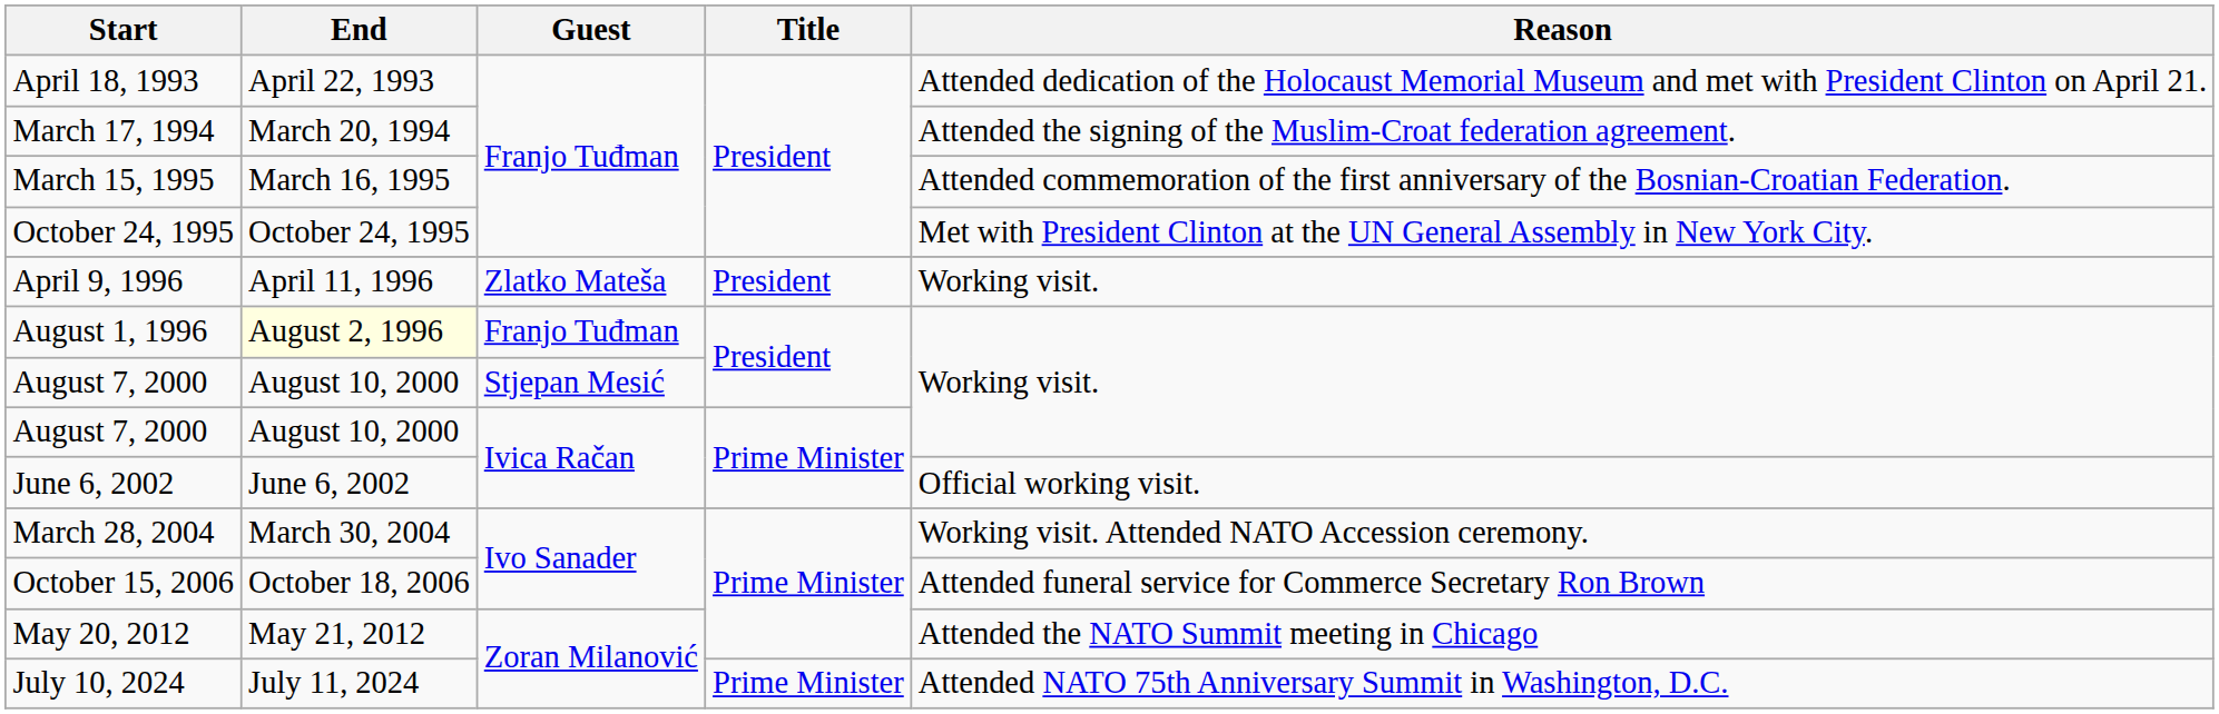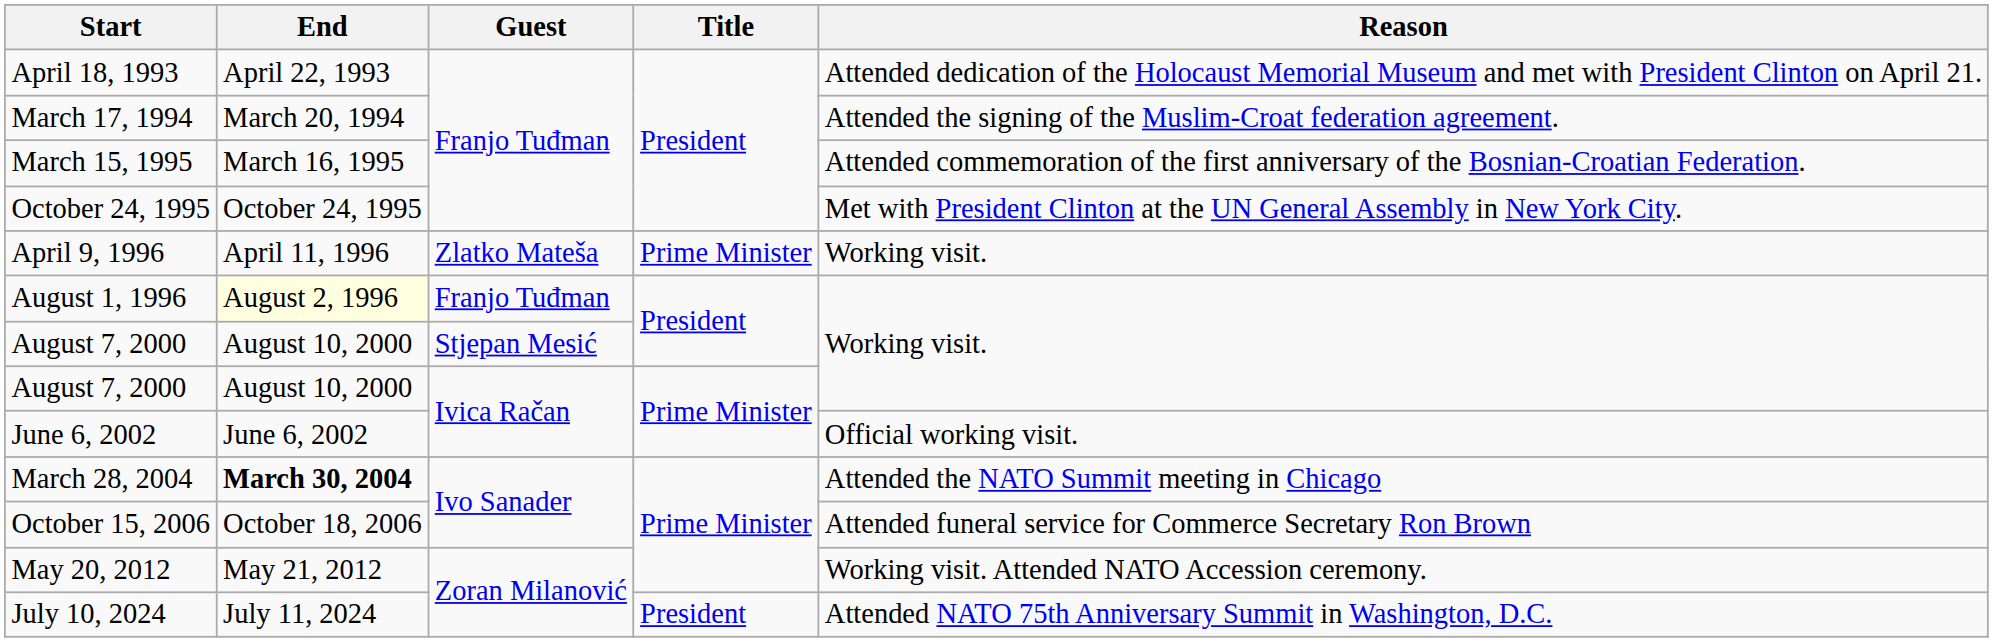 <table class="wikitable sortable">
 <tr>
 <th>Start</th>
 <th>End</th>
 <th>Guest</th>
 <th>Title</th>
 <th>Reason</th>
 </tr>
 <tr>
 <td>April 18, 1993</td>
 <td>April 22, 1993</td>
 <td rowspan=4><a href='#'>Franjo Tuđman</a></td>
 <td rowspan=4><a href='#'>President</a></td>
 <td>Attended dedication of the <a href='#'>Holocaust Memorial Museum</a> and met with <a href='#'>President Clinton</a> on April 21.</td>
 </tr>
 <tr>
 <td>March 17, 1994</td>
 <td>March 20, 1994</td>
 <td>Attended the signing of the <a href='#'>Muslim-Croat federation agreement</a>.</td>
 </tr>
 <tr>
 <td>March 15, 1995</td>
 <td>March 16, 1995</td>
 <td>Attended commemoration of the first anniversary of the <a href='#'>Bosnian-Croatian Federation</a>.</td>
 </tr>
 <tr>
 <td>October 24, 1995</td>
 <td>October 24, 1995</td>
 <td>Met with <a href='#'>President Clinton</a> at the <a href='#'>UN General Assembly</a> in <a href='#'>New York City</a>.</td>
 </tr>
 <tr>
 <td>April 9, 1996</td>
 <td>April 11, 1996</td>
 <td><a href='#'>Zlatko Mateša</a></td>
-<td><a href='#'>President</a></td>
+<td><a href='#'>Prime Minister</a></td>
 <td>Working visit.</td>
 </tr>
 <tr>
 <td>August 1, 1996</td>
 <td style="background: lightyellow;">August 2, 1996</td>
 <td><a href='#'>Franjo Tuđman</a></td>
 <td rowspan=2><a href='#'>President</a></td>
 <td rowspan=3>Working visit.</td>
 </tr>
 <tr>
 <td>August 7, 2000</td>
 <td>August 10, 2000</td>
 <td><a href='#'>Stjepan Mesić</a></td>
 </tr>
 <tr>
 <td>August 7, 2000</td>
 <td>August 10, 2000</td>
 <td rowspan=2><a href='#'>Ivica Račan</a></td>
 <td rowspan=2><a href='#'>Prime Minister</a></td>
 </tr>
 <tr>
 <td>June 6, 2002</td>
 <td>June 6, 2002</td>
 <td>Official working visit.</td>
 </tr>
 <tr>
 <td>March 28, 2004</td>
-<td>March 30, 2004</td>
+<td><strong>March 30, 2004</strong></td>
 <td rowspan=2><a href='#'>Ivo Sanader</a></td>
 <td rowspan="3"><a href='#'>Prime Minister</a></td>
-<td>Working visit. Attended NATO Accession ceremony.</td>
+<td>Attended the <a href='#'>NATO Summit</a> meeting in <a href='#'>Chicago</a></td>
 </tr>
 <tr>
 <td>October 15, 2006</td>
 <td>October 18, 2006</td>
 <td>Attended funeral service for Commerce Secretary <a href='#'>Ron Brown</a></td>
 </tr>
 <tr>
 <td>May 20, 2012</td>
 <td>May 21, 2012</td>
 <td rowspan=2><a href='#'>Zoran Milanović</a></td>
-<td>Attended the <a href='#'>NATO Summit</a> meeting in <a href='#'>Chicago</a></td>
+<td>Working visit. Attended NATO Accession ceremony.</td>
 </tr>
 <tr>
 <td>July 10, 2024</td>
 <td>July 11, 2024</td>
-<td><a href='#'>Prime Minister</a></td>
+<td><a href='#'>President</a></td>
 <td>Attended <a href='#'>NATO 75th Anniversary Summit</a> in <a href='#'>Washington, D.C.</a></td>
 </tr>
 </table>
